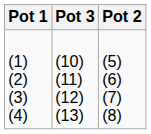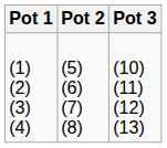 <table class="wikitable">
 <tr>
 <th width=33.33%>Pot 1</th>
+<th width=33.33%>Pot 2</th>
 <th width=33.33%>Pot 3</th>
-<th width=33.33%>Pot 2</th>
 </tr>
 <tr>
 <td><br> (1)<br>  (2)<br>  (3)<br>  (4)</td>
+<td><br> (5)<br>  (6)<br>  (7)<br>  (8)</td>
 <td><br> (10)<br>  (11)<br>  (12)<br>  (13)</td>
-<td><br> (5)<br>  (6)<br>  (7)<br>  (8)</td>
 </tr>
 </table>
